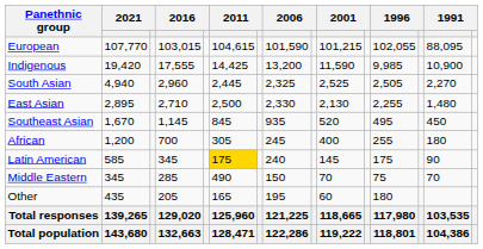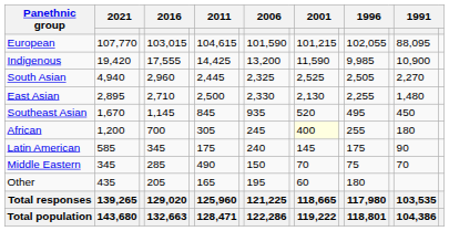 <table class="wikitable collapsible sortable">
 <tr>
 <th rowspan="2"><a href='#'>Panethnic</a><br>group</th>
 <th colspan="2">2021</th>
 <th colspan="2">2016</th>
 <th colspan="2">2011</th>
 <th colspan="2">2006</th>
 <th colspan="2">2001</th>
 <th colspan="2">1996</th>
 <th colspan="2">1991</th>
 </tr>
 <tr>
 <th><a href='#'></a></th>
 <th></th>
 <th></th>
 <th></th>
 <th></th>
 <th></th>
 <th></th>
 <th></th>
 <th></th>
 <th></th>
 <th></th>
 <th></th>
 <th></th>
 <th></th>
 </tr>
 <tr>
 <td><a href='#'>European</a></td>
 <td>107,770</td>
 <td></td>
 <td>103,015</td>
 <td></td>
 <td>104,615</td>
 <td></td>
 <td>101,590</td>
 <td></td>
 <td>101,215</td>
 <td></td>
 <td>102,055</td>
 <td></td>
 <td>88,095</td>
 <td></td>
 </tr>
 <tr>
 <td><a href='#'>Indigenous</a></td>
 <td>19,420</td>
 <td></td>
 <td>17,555</td>
 <td></td>
 <td>14,425</td>
 <td></td>
 <td>13,200</td>
 <td></td>
 <td>11,590</td>
 <td></td>
 <td>9,985</td>
 <td></td>
 <td>10,900</td>
 <td></td>
 </tr>
 <tr>
 <td><a href='#'>South Asian</a></td>
 <td>4,940</td>
 <td></td>
 <td>2,960</td>
 <td></td>
 <td>2,445</td>
 <td></td>
 <td>2,325</td>
 <td></td>
 <td>2,525</td>
 <td></td>
 <td>2,505</td>
 <td></td>
 <td>2,270</td>
 <td></td>
 </tr>
 <tr>
 <td><a href='#'>East Asian</a></td>
 <td>2,895</td>
 <td></td>
 <td>2,710</td>
 <td></td>
 <td>2,500</td>
 <td></td>
 <td>2,330</td>
 <td></td>
 <td>2,130</td>
 <td></td>
 <td>2,255</td>
 <td></td>
 <td>1,480</td>
 <td></td>
 </tr>
 <tr>
 <td><a href='#'>Southeast Asian</a></td>
 <td>1,670</td>
 <td></td>
 <td>1,145</td>
 <td></td>
 <td>845</td>
 <td></td>
 <td>935</td>
 <td></td>
 <td>520</td>
 <td></td>
 <td>495</td>
 <td></td>
 <td>450</td>
 <td></td>
 </tr>
 <tr>
 <td><a href='#'>African</a></td>
 <td>1,200</td>
 <td></td>
 <td>700</td>
 <td></td>
 <td>305</td>
 <td></td>
 <td>245</td>
 <td></td>
-<td>400</td>
+<td style="background: lightyellow;">400</td>
 <td></td>
 <td>255</td>
 <td></td>
 <td>180</td>
 <td></td>
 </tr>
 <tr>
 <td><a href='#'>Latin American</a></td>
 <td>585</td>
 <td></td>
 <td>345</td>
 <td></td>
-<td style="background: gold;">175</td>
+<td>175</td>
 <td></td>
 <td>240</td>
 <td></td>
 <td>145</td>
 <td></td>
 <td>175</td>
 <td></td>
 <td>90</td>
 <td></td>
 </tr>
 <tr>
 <td><a href='#'>Middle Eastern</a></td>
 <td>345</td>
 <td></td>
 <td>285</td>
 <td></td>
 <td>490</td>
 <td></td>
 <td>150</td>
 <td></td>
 <td>70</td>
 <td></td>
 <td>75</td>
 <td></td>
 <td>70</td>
 <td></td>
 </tr>
 <tr>
 <td>Other</td>
 <td>435</td>
 <td></td>
 <td>205</td>
 <td></td>
 <td>165</td>
 <td></td>
 <td>195</td>
 <td></td>
 <td>60</td>
 <td></td>
 <td>180</td>
 <td></td>
 <td></td>
 <td></td>
 </tr>
 <tr>
 <th>Total responses</th>
 <th>139,265</th>
 <th></th>
 <th>129,020</th>
 <th></th>
 <th>125,960</th>
 <th></th>
 <th>121,225</th>
 <th></th>
 <th>118,665</th>
 <th></th>
 <th>117,980</th>
 <th></th>
 <th>103,535</th>
 <th></th>
 </tr>
 <tr>
 <th>Total population</th>
 <th>143,680</th>
 <th></th>
 <th>132,663</th>
 <th></th>
 <th>128,471</th>
 <th></th>
 <th>122,286</th>
 <th></th>
 <th>119,222</th>
 <th></th>
 <th>118,801</th>
 <th></th>
 <th>104,386</th>
 <th></th>
 </tr>
 </table>
